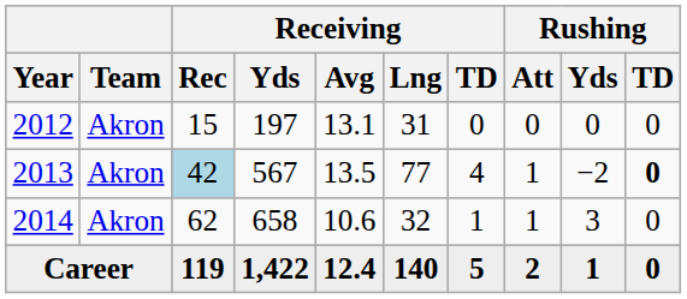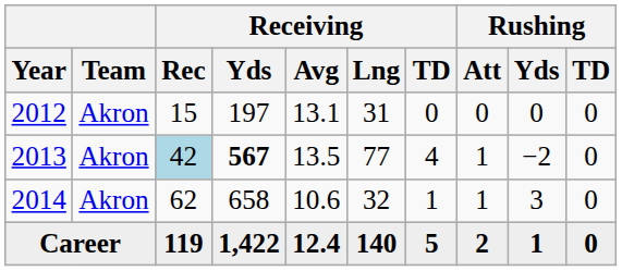 <table class="wikitable" style="text-align:center;">
 <tr>
 <th colspan="2"></th>
 <th colspan="5">Receiving</th>
 <th colspan="3">Rushing</th>
 </tr>
 <tr>
 <th>Year</th>
 <th>Team</th>
 <th>Rec</th>
 <th>Yds</th>
 <th>Avg</th>
 <th>Lng</th>
 <th>TD</th>
 <th>Att</th>
 <th>Yds</th>
 <th>TD</th>
 </tr>
 <tr>
 <td><a href='#'>2012</a></td>
 <td><a href='#'>Akron</a></td>
 <td>15</td>
 <td>197</td>
 <td>13.1</td>
 <td>31</td>
 <td>0</td>
 <td>0</td>
 <td>0</td>
 <td>0</td>
 </tr>
 <tr>
 <td><a href='#'>2013</a></td>
 <td><a href='#'>Akron</a></td>
 <td style="background: lightblue;">42</td>
-<td>567</td>
+<td><strong>567</strong></td>
 <td>13.5</td>
 <td>77</td>
 <td>4</td>
 <td>1</td>
 <td>−2</td>
-<td><strong>0</strong></td>
+<td>0</td>
 </tr>
 <tr>
 <td><a href='#'>2014</a></td>
 <td><a href='#'>Akron</a></td>
 <td>62</td>
 <td>658</td>
 <td>10.6</td>
 <td>32</td>
 <td>1</td>
 <td>1</td>
 <td>3</td>
 <td>0</td>
 </tr>
 <tr style="background:#eee; font-weight:bold; color:black;">
 <td colspan=2>Career</td>
 <td>119</td>
 <td>1,422</td>
 <td>12.4</td>
 <td>140</td>
 <td>5</td>
 <td>2</td>
 <td>1</td>
 <td>0</td>
 </tr>
 </table>
